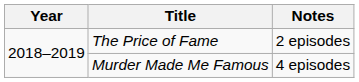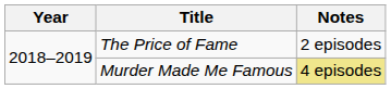 <table class="wikitable">
 <tr>
 <th>Year</th>
 <th>Title</th>
 <th>Notes</th>
 </tr>
 <tr>
 <td rowspan=2>2018–2019</td>
 <td><em>The Price of Fame</em></td>
 <td>2 episodes</td>
 </tr>
 <tr>
 <td><em>Murder Made Me Famous</em></td>
-<td>4 episodes</td>
+<td style="background: khaki;">4 episodes</td>
 </tr>
 </table>
